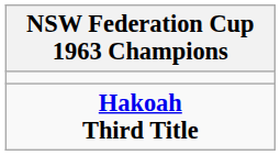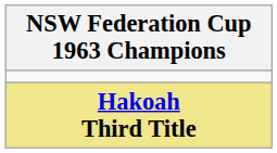 <table class="wikitable" style="text-align: center; margin: 0 auto; width: 20%">
 <tr>
 <th>NSW Federation Cup<br>1963 Champions</th>
 </tr>
 <tr>
 <td></td>
 </tr>
 <tr>
-<td><strong><a href='#'>Hakoah</a></strong><br><strong>Third Title</strong></td>
+<td style="background: khaki;"><strong><a href='#'>Hakoah</a></strong><br><strong>Third Title</strong></td>
 </tr>
 </table>
